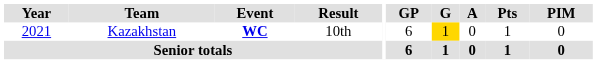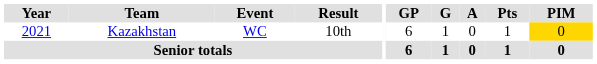 <table border="0" cellpadding="1" cellspacing="0" ID="Table3" style="text-align:center; width:40em">
 <tr ALIGN="center" bgcolor="#e0e0e0">
 <th>Year</th>
 <th>Team</th>
 <th>Event</th>
 <th>Result</th>
 <th rowspan="99" bgcolor="#ffffff"></th>
 <th>GP</th>
 <th>G</th>
 <th>A</th>
 <th>Pts</th>
 <th>PIM</th>
 </tr>
 <tr>
 <td><a href='#'>2021</a></td>
 <td><a href='#'>Kazakhstan</a></td>
-<td><strong><a href='#'>WC</a></strong></td>
+<td><a href='#'>WC</a></td>
 <td>10th</td>
 <td>6</td>
-<td style="background: gold;">1</td>
+<td>1</td>
 <td>0</td>
 <td>1</td>
-<td>0</td>
+<td style="background: gold;">0</td>
 </tr>
 <tr bgcolor="#e0e0e0">
 <th colspan="4">Senior totals</th>
 <th>6</th>
 <th>1</th>
 <th>0</th>
 <th>1</th>
 <th>0</th>
 </tr>
 </table>
